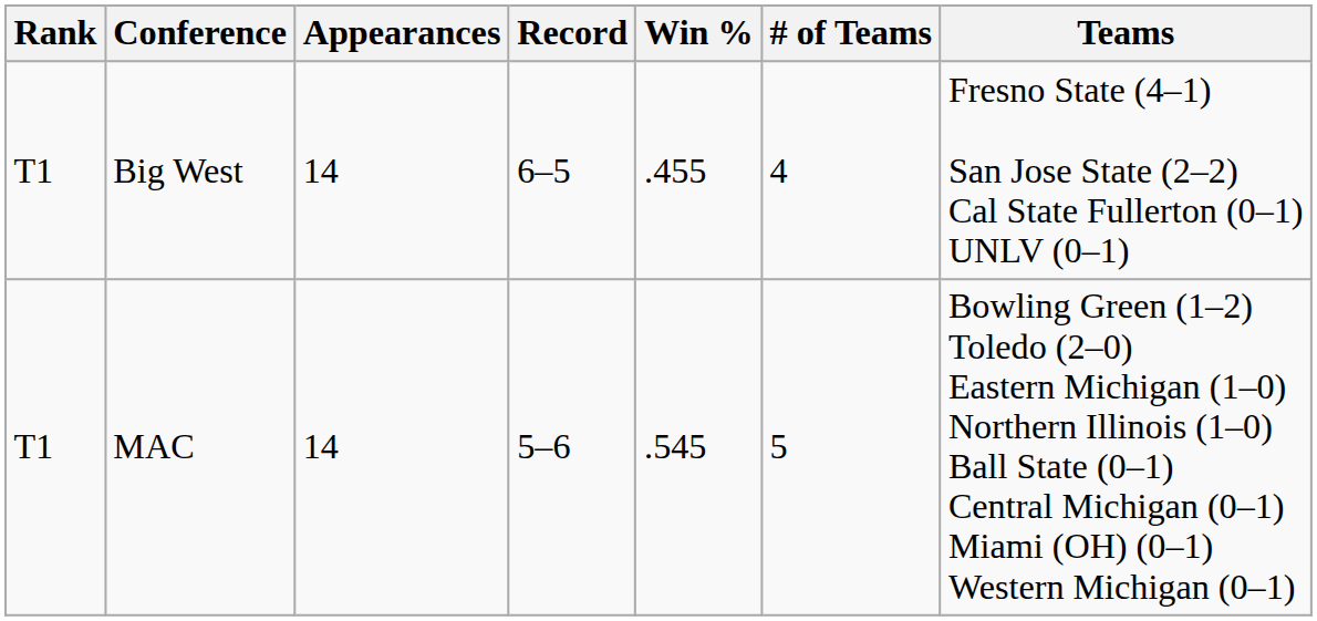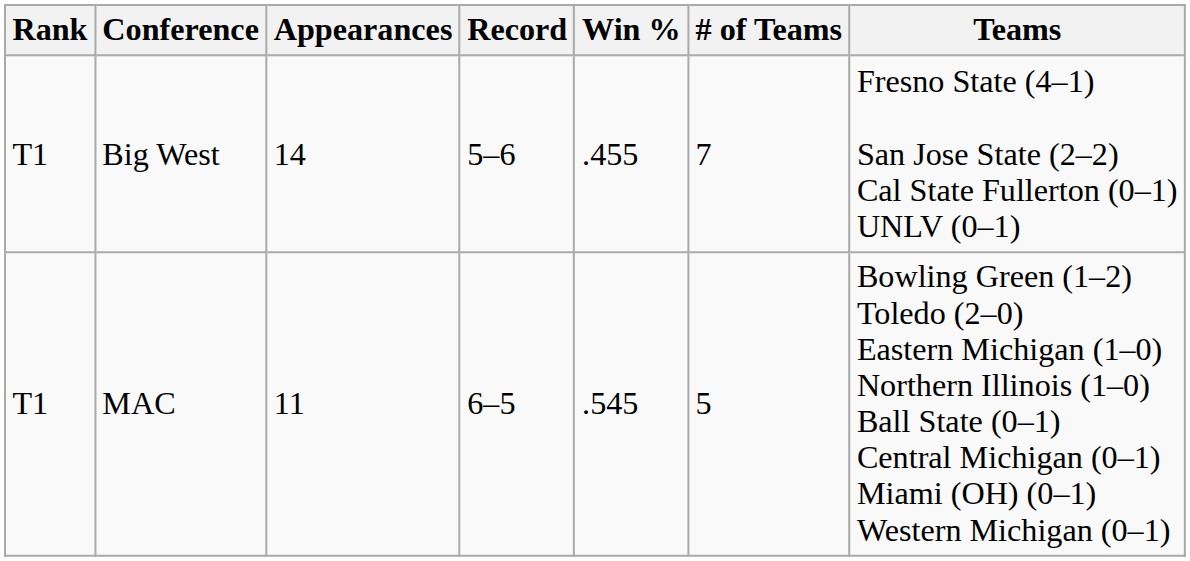 <table class="wikitable">
 <tr>
 <th>Rank</th>
 <th>Conference</th>
 <th>Appearances</th>
 <th>Record</th>
 <th>Win %</th>
 <th># of Teams</th>
 <th>Teams</th>
 </tr>
 <tr>
 <td>T1</td>
 <td>Big West</td>
 <td>14</td>
-<td>6–5</td>
+<td>5–6</td>
 <td>.455</td>
-<td>4</td>
+<td>7</td>
 <td>Fresno State (4–1)<br><br>San Jose State (2–2)<br> Cal State Fullerton (0–1)<br> UNLV (0–1)</td>
 </tr>
 <tr>
 <td>T1</td>
 <td>MAC</td>
-<td>14</td>
-<td>5–6</td>
+<td>11</td>
+<td>6–5</td>
 <td>.545</td>
 <td>5</td>
 <td>Bowling Green (1–2)<br>Toledo (2–0)<br>Eastern Michigan (1–0)<br> Northern Illinois (1–0)<br> Ball State (0–1)<br> Central Michigan (0–1)<br> Miami (OH) (0–1)<br> Western Michigan (0–1)</td>
 </tr>
 </table>
